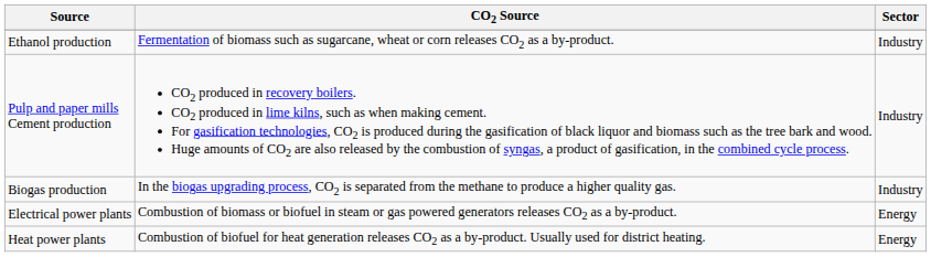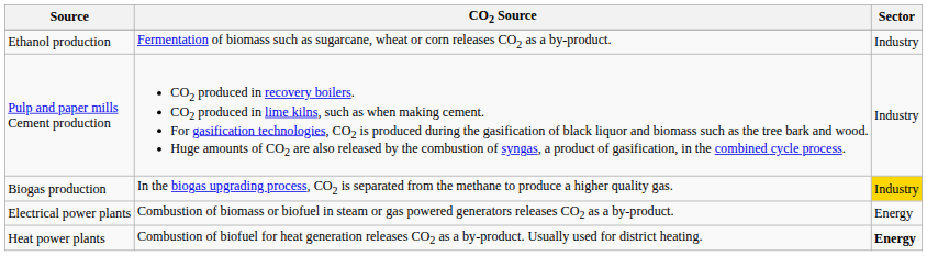 <table class="wikitable">
 <tr>
 <th><strong>Source</strong></th>
 <th><strong>CO<sub>2</sub> Source</strong></th>
 <th><strong>Sector</strong></th>
 </tr>
 <tr>
 </tr>
 <tr>
 <td>Ethanol production</td>
 <td><a href='#'>Fermentation</a> of biomass such as sugarcane, wheat or corn releases CO<sub>2</sub> as a by-product.</td>
 <td>Industry</td>
 </tr>
 <tr>
 <td><a href='#'>Pulp and paper mills</a><br>Cement production</td>
 <td><br><ul><li>CO<sub>2</sub> produced in <a href='#'>recovery boilers</a>.</li><li>CO<sub>2</sub> produced in <a href='#'>lime kilns</a>, such as when making cement.</li><li>For <a href='#'>gasification technologies</a>, CO<sub>2</sub> is produced during the gasification of black liquor and biomass such as the tree bark and wood.</li><li>Huge amounts of CO<sub>2</sub> are also released by the combustion of <a href='#'>syngas</a>, a product of gasification, in the <a href='#'>combined cycle process</a>.</li></ul></td>
 <td>Industry</td>
 </tr>
 <tr>
 <td>Biogas production</td>
 <td>In the <a href='#'>biogas upgrading process</a>, CO<sub>2</sub> is separated from the methane to produce a higher quality gas.</td>
-<td>Industry</td>
+<td style="background: gold;">Industry</td>
 </tr>
 <tr>
 <td>Electrical power plants</td>
 <td>Combustion of biomass or biofuel in steam or gas powered generators releases CO<sub>2</sub> as a by-product.</td>
 <td>Energy</td>
 </tr>
 <tr>
 <td>Heat power plants</td>
 <td>Combustion of biofuel for heat generation releases CO<sub>2</sub> as a by-product. Usually used for district heating.</td>
-<td>Energy</td>
+<td><strong>Energy</strong></td>
 </tr>
 </table>
